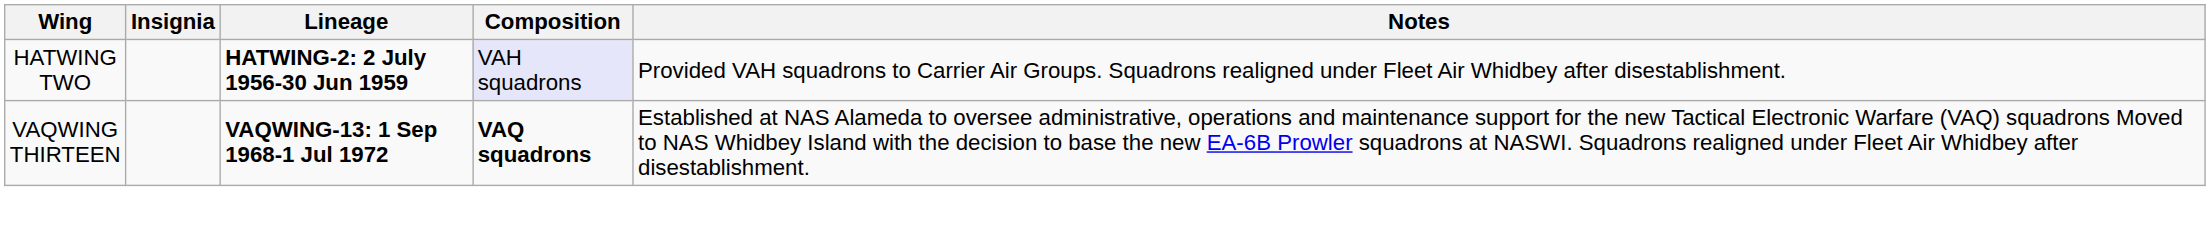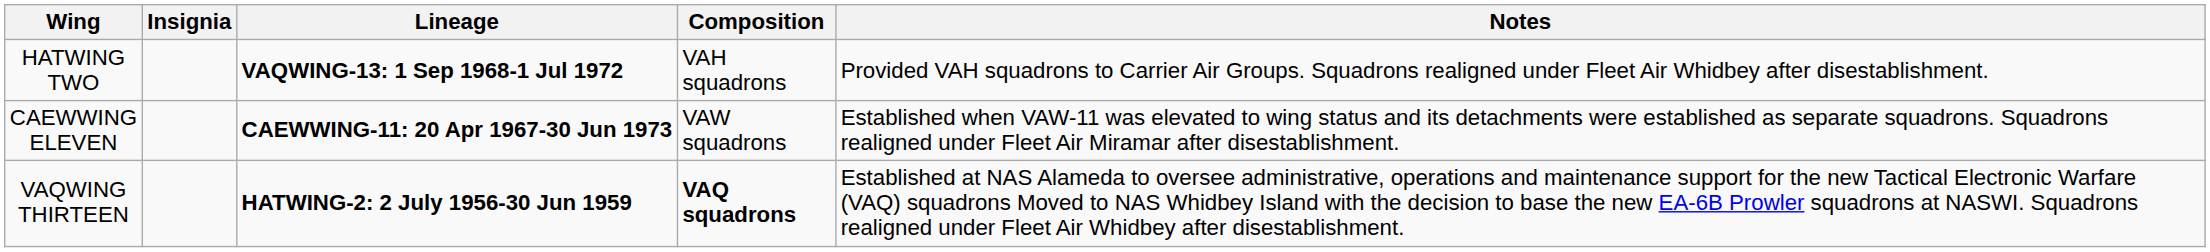 <table class="wikitable" width=100% style="text-align: left">
 <tr>
 <th>Wing</th>
 <th>Insignia</th>
 <th>Lineage</th>
 <th>Composition</th>
 <th>Notes</th>
 </tr>
 <tr>
 <td align=center style="white-space: nowrap;">HATWING<br>TWO</td>
 <td></td>
-<td><strong>HATWING-2: 2 July 1956-30 Jun 1959</strong></td>
-<td style="background: lavender;">VAH squadrons</td>
+<td><strong>VAQWING-13: 1 Sep 1968-1 Jul 1972</strong></td>
+<td>VAH squadrons</td>
 <td>Provided VAH squadrons to Carrier Air Groups. Squadrons realigned under Fleet Air Whidbey after disestablishment.</td>
+</tr>
+<tr>
+<td align=center>CAEWWING<br>ELEVEN</td>
+<td></td>
+<td style="white-space: nowrap;"><strong>CAEWWING-11: 20 Apr 1967-30 Jun 1973</strong></td>
+<td>VAW squadrons</td>
+<td align=left>Established when VAW-11 was elevated to wing status and its detachments were established as separate squadrons. Squadrons realigned under Fleet Air Miramar after disestablishment.</td>
 </tr>
 <tr>
 <td align=center>VAQWING<br>THIRTEEN</td>
 <td></td>
-<td><strong>VAQWING-13: 1 Sep 1968-1 Jul 1972</strong></td>
+<td><strong>HATWING-2: 2 July 1956-30 Jun 1959</strong></td>
 <td><strong>VAQ squadrons</strong></td>
 <td>Established at NAS Alameda to oversee administrative, operations and maintenance support for the new Tactical Electronic Warfare (VAQ) squadrons  Moved to NAS Whidbey Island with the decision to base the new <a href='#'>EA-6B Prowler</a> squadrons at NASWI. Squadrons realigned under Fleet Air Whidbey after disestablishment.</td>
 </tr>
 </table>
